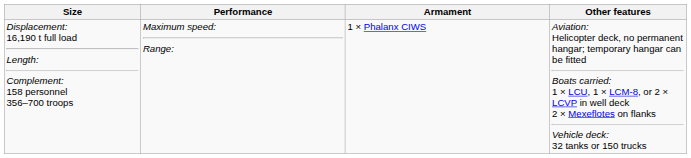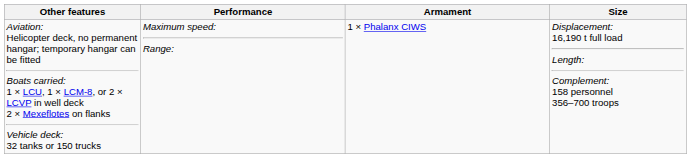 <table class="wikitable" width=90% style="text-align: left">
 <tr bgcolor=lavender>
-<th>Size</th>
+<th>Other features</th>
 <th>Performance</th>
 <th>Armament</th>
-<th>Other features</th>
+<th>Size</th>
 </tr>
 <tr>
-<td valign=top width=20%><em>Displacement:</em><br>16,190 t full load<hr><em>Length:</em><br><hr><em>Complement:</em><br>158 personnel<br>356–700 troops</td>
+<td valign=top width=20%><em>Aviation:</em><br>Helicopter deck, no permanent hangar; temporary hangar can be fitted<hr><em>Boats carried:</em><br>1 × <a href='#'>LCU</a>, 1 × <a href='#'>LCM-8</a>, or 2 × <a href='#'>LCVP</a> in well deck<br>2 × <a href='#'>Mexeflotes</a> on flanks<hr><em>Vehicle deck:</em><br>32 tanks or 150 trucks</td>
 <td valign=top width=30%><em>Maximum speed:</em><br><hr><em>Range:</em><br></td>
 <td valign=top width=30%>1 × <a href='#'>Phalanx CIWS</a></td>
-<td valign=top width=20%><em>Aviation:</em><br>Helicopter deck, no permanent hangar; temporary hangar can be fitted<hr><em>Boats carried:</em><br>1 × <a href='#'>LCU</a>, 1 × <a href='#'>LCM-8</a>, or 2 × <a href='#'>LCVP</a> in well deck<br>2 × <a href='#'>Mexeflotes</a> on flanks<hr><em>Vehicle deck:</em><br>32 tanks or 150 trucks</td>
+<td valign=top width=20%><em>Displacement:</em><br>16,190 t full load<hr><em>Length:</em><br><hr><em>Complement:</em><br>158 personnel<br>356–700 troops</td>
 </tr>
 </table>
